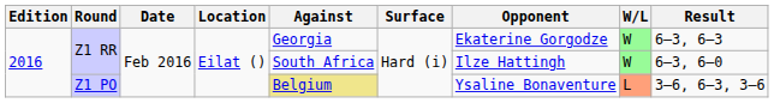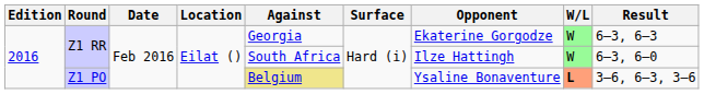 <table class=wikitable>
 <tr>
 <th>Edition</th>
 <th>Round</th>
 <th>Date</th>
 <th>Location</th>
 <th>Against</th>
 <th>Surface</th>
 <th>Opponent</th>
 <th>W/L</th>
 <th>Result</th>
 </tr>
 <tr>
 <td rowspan=3><a href='#'>2016</a></td>
 <td rowspan=2 bgcolor=CCCCFF>Z1 RR</td>
 <td rowspan=3>Feb 2016</td>
 <td rowspan="3"><a href='#'>Eilat</a> ()</td>
 <td rowspan=1> <a href='#'>Georgia</a></td>
 <td rowspan=3>Hard (i)</td>
 <td><a href='#'>Ekaterine Gorgodze</a></td>
 <td bgcolor=98FB98>W</td>
 <td>6–3, 6–3</td>
 </tr>
 <tr>
 <td rowspan=1> <a href='#'>South Africa</a></td>
 <td><a href='#'>Ilze Hattingh</a></td>
 <td bgcolor=98FB98>W</td>
 <td>6–3, 6–0</td>
 </tr>
 <tr>
 <td rowspan=1 bgcolor=CCCCFF><a href='#'>Z1 PO</a></td>
 <td rowspan=1 style="background: khaki;"> <a href='#'>Belgium</a></td>
 <td><a href='#'>Ysaline Bonaventure</a></td>
-<td bgcolor=FFA07A>L</td>
+<td bgcolor=FFA07A><strong>L</strong></td>
 <td>3–6, 6–3, 3–6</td>
 </tr>
 </table>
